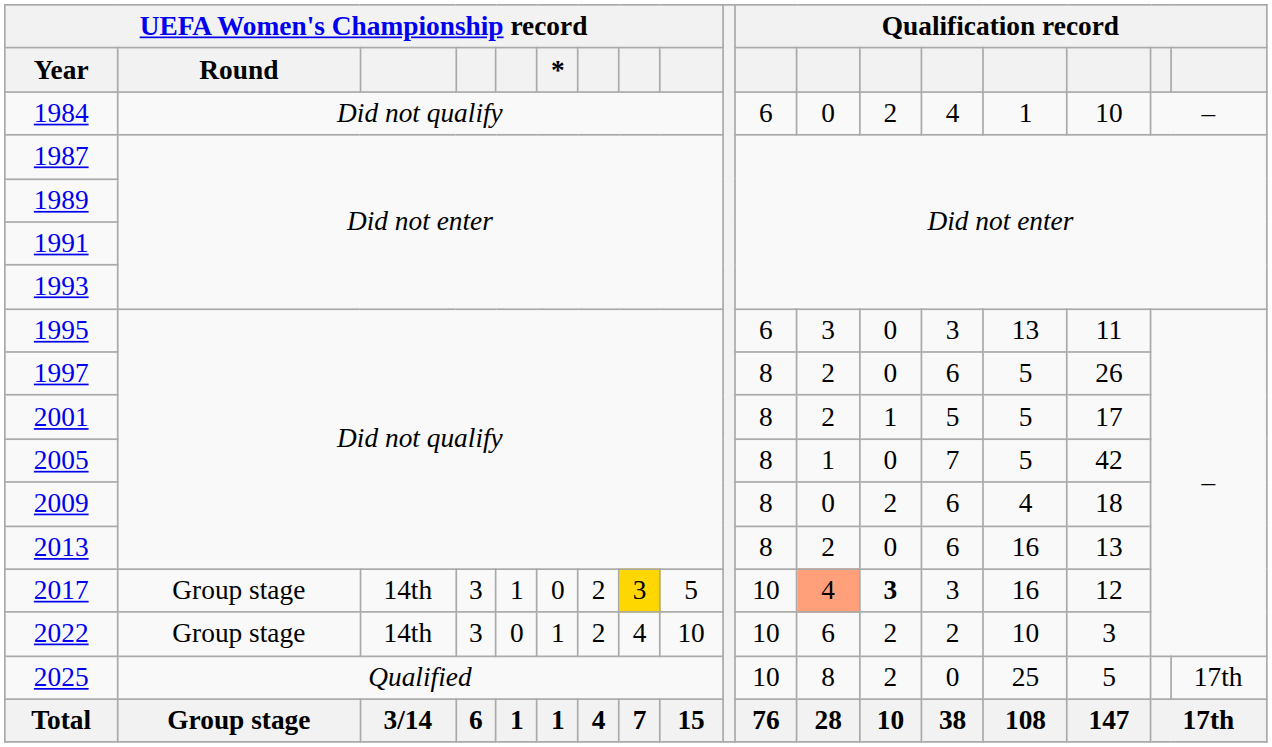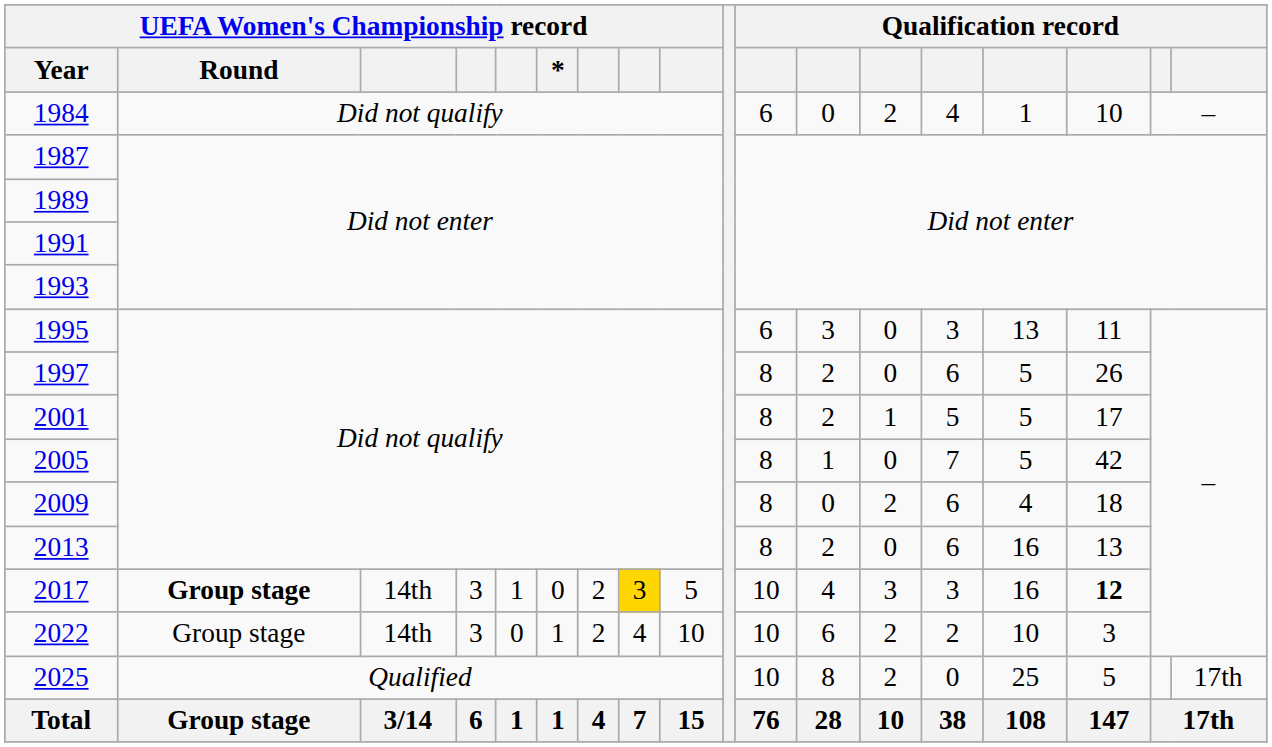 <table class="wikitable" style="text-align: center;">
 <tr>
 <th colspan=9><a href='#'>UEFA Women's Championship</a> record</th>
 <th width=1% rowspan=99></th>
 <th colspan=8>Qualification record</th>
 </tr>
 <tr>
 <th>Year</th>
 <th>Round</th>
 <th></th>
 <th></th>
 <th></th>
 <th>*</th>
 <th></th>
 <th></th>
 <th><br></th>
 <th></th>
 <th></th>
 <th></th>
 <th></th>
 <th></th>
 <th></th>
 <th></th>
 <th></th>
 </tr>
 <tr>
 <td><a href='#'>1984</a></td>
 <td colspan=8><em>Did not qualify</em></td>
 <td>6</td>
 <td>0</td>
 <td>2</td>
 <td>4</td>
 <td>1</td>
 <td>10</td>
 <td colspan=2>–</td>
 </tr>
 <tr>
 <td> <a href='#'>1987</a></td>
 <td colspan=8 rowspan=4><em>Did not enter</em></td>
 <td colspan=8 rowspan=4><em>Did not enter</em></td>
 </tr>
 <tr>
 <td> <a href='#'>1989</a></td>
 </tr>
 <tr>
 <td> <a href='#'>1991</a></td>
 </tr>
 <tr>
 <td> <a href='#'>1993</a></td>
 </tr>
 <tr>
 <td> <a href='#'>1995</a></td>
 <td colspan=8 rowspan=6><em>Did not qualify</em></td>
 <td>6</td>
 <td>3</td>
 <td>0</td>
 <td>3</td>
 <td>13</td>
 <td>11</td>
 <td colspan=2 rowspan=8>–</td>
 </tr>
 <tr>
 <td> <a href='#'>1997</a></td>
 <td>8</td>
 <td>2</td>
 <td>0</td>
 <td>6</td>
 <td>5</td>
 <td>26</td>
 </tr>
 <tr>
 <td> <a href='#'>2001</a></td>
 <td>8</td>
 <td>2</td>
 <td>1</td>
 <td>5</td>
 <td>5</td>
 <td>17</td>
 </tr>
 <tr>
 <td> <a href='#'>2005</a></td>
 <td>8</td>
 <td>1</td>
 <td>0</td>
 <td>7</td>
 <td>5</td>
 <td>42</td>
 </tr>
 <tr>
 <td> <a href='#'>2009</a></td>
 <td>8</td>
 <td>0</td>
 <td>2</td>
 <td>6</td>
 <td>4</td>
 <td>18</td>
 </tr>
 <tr>
 <td> <a href='#'>2013</a></td>
 <td>8</td>
 <td>2</td>
 <td>0</td>
 <td>6</td>
 <td>16</td>
 <td>13</td>
 </tr>
 <tr>
 <td> <a href='#'>2017</a></td>
-<td>Group stage</td>
+<td><strong>Group stage</strong></td>
 <td>14th</td>
 <td>3</td>
 <td>1</td>
 <td>0</td>
 <td>2</td>
 <td style="background: gold;">3</td>
 <td>5</td>
 <td>10</td>
-<td style="background: lightsalmon;">4</td>
-<td><strong>3</strong></td>
+<td>4</td>
+<td>3</td>
 <td>3</td>
 <td>16</td>
-<td>12</td>
+<td><strong>12</strong></td>
 </tr>
 <tr>
 <td> <a href='#'>2022</a></td>
 <td>Group stage</td>
 <td>14th</td>
 <td>3</td>
 <td>0</td>
 <td>1</td>
 <td>2</td>
 <td>4</td>
 <td>10</td>
 <td>10</td>
 <td>6</td>
 <td>2</td>
 <td>2</td>
 <td>10</td>
 <td>3</td>
 </tr>
 <tr>
 <td> <a href='#'>2025</a></td>
 <td colspan=8><em>Qualified</em></td>
 <td>10</td>
 <td>8</td>
 <td>2</td>
 <td>0</td>
 <td>25</td>
 <td>5</td>
 <td></td>
 <td>17th</td>
 </tr>
 <tr>
 <th>Total</th>
 <th>Group stage</th>
 <th>3/14</th>
 <th>6</th>
 <th>1</th>
 <th>1</th>
 <th>4</th>
 <th>7</th>
 <th>15</th>
 <th>76</th>
 <th>28</th>
 <th>10</th>
 <th>38</th>
 <th>108</th>
 <th>147</th>
 <th colspan=2>17th</th>
 </tr>
 </table>
